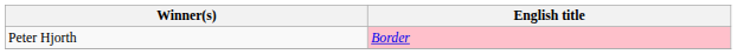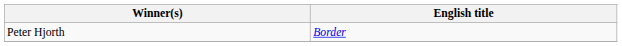 <table class="wikitable" width="95%" cellpadding="5">
 <tr>
 <th width="18%">Winner(s)</th>
 <th width="18%">English title</th>
 </tr>
 <tr>
 <td>Peter Hjorth</td>
-<td style="background: pink;"><em><a href='#'>Border</a></em></td>
+<td><em><a href='#'>Border</a></em></td>
 </tr>
 <tr>
 </tr>
 </table>
